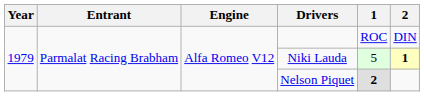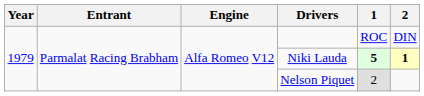 <table class="wikitable" style="text-align:center; font-size:90%">
 <tr>
 <th>Year</th>
 <th>Entrant</th>
 <th>Engine</th>
 <th>Drivers</th>
 <th>1</th>
 <th>2</th>
 </tr>
 <tr>
 <td Rowspan="3"><a href='#'>1979</a></td>
 <td Rowspan="3"><a href='#'>Parmalat</a> <a href='#'>Racing Brabham</a></td>
 <td Rowspan="3"><a href='#'>Alfa Romeo</a> <a href='#'>V12</a></td>
 <td></td>
 <td><a href='#'>ROC</a></td>
 <td><a href='#'>DIN</a></td>
 </tr>
 <tr>
 <td><a href='#'>Niki Lauda</a></td>
-<td style="background:#DFFFDF;">5</td>
+<td style="background:#DFFFDF;"><strong>5</strong></td>
 <td style="background:#FFFFBF;"><strong>1</strong></td>
 </tr>
 <tr>
 <td><a href='#'>Nelson Piquet</a></td>
-<td style="background:#DFDFDF;"><strong>2</strong></td>
+<td style="background:#DFDFDF;">2</td>
 <td></td>
 </tr>
 </table>
